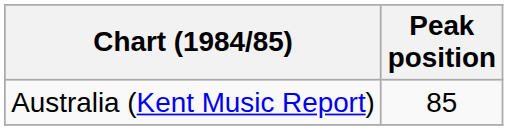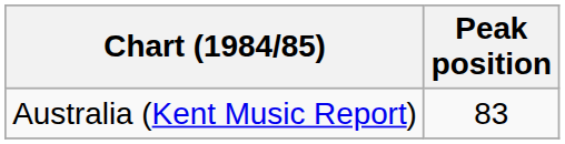 <table class="wikitable">
 <tr>
 <th scope="col">Chart (1984/85)</th>
 <th>Peak<br>position</th>
 </tr>
 <tr>
 <td>Australia (<a href='#'>Kent Music Report</a>)</td>
-<td style="text-align:center;">85</td>
+<td style="text-align:center;">83</td>
 </tr>
 </table>
